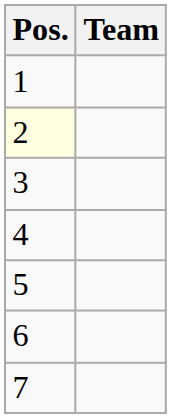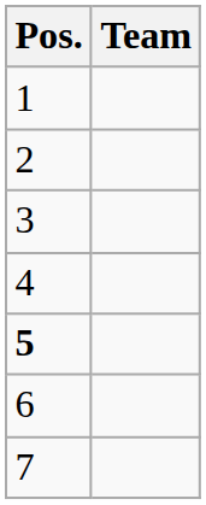 <table class="wikitable">
 <tr>
 <th>Pos.</th>
 <th>Team</th>
 </tr>
 <tr>
 <td>1</td>
 <td></td>
 </tr>
 <tr>
-<td style="background: lightyellow;">2</td>
+<td>2</td>
 <td></td>
 </tr>
 <tr>
 <td>3</td>
 <td></td>
 </tr>
 <tr>
 <td>4</td>
 <td></td>
 </tr>
 <tr>
-<td>5</td>
+<td><strong>5</strong></td>
 <td></td>
 </tr>
 <tr>
 <td>6</td>
 <td></td>
 </tr>
 <tr>
 <td>7</td>
 <td></td>
 </tr>
 </table>
